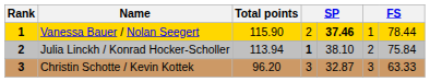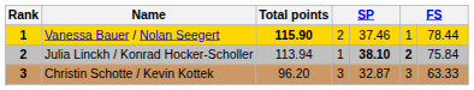 <table class="wikitable sortable">
 <tr>
 <th>Rank</th>
 <th>Name</th>
 <th>Total points</th>
 <th colspan="2" width="80px"><a href='#'>SP</a></th>
 <th colspan="2" width="80px"><a href='#'>FS</a></th>
 </tr>
 <tr bgcolor="gold">
 <td align="center"><strong>1</strong></td>
 <td><a href='#'>Vanessa Bauer</a> / <a href='#'>Nolan Seegert</a></td>
-<td align=center>115.90</td>
+<td align=center><strong>115.90</strong></td>
 <td align=center>2</td>
-<td align=center><strong>37.46</strong></td>
+<td align=center>37.46</td>
 <td align=center>1</td>
 <td align=center>78.44</td>
 </tr>
 <tr bgcolor="silver">
 <td align="center"><strong>2</strong></td>
 <td>Julia Linckh / Konrad Hocker-Scholler</td>
 <td align=center>113.94</td>
-<td align=center><strong>1</strong></td>
-<td align=center>38.10</td>
-<td align=center>2</td>
+<td align=center>1</td>
+<td align=center><strong>38.10</strong></td>
+<td align=center><strong>2</strong></td>
 <td align=center>75.84</td>
 </tr>
 <tr bgcolor="cc9966">
 <td align="center"><strong>3</strong></td>
 <td>Christin Schotte / Kevin Kottek</td>
 <td align=center>96.20</td>
 <td align=center>3</td>
 <td align=center>32.87</td>
 <td align=center>3</td>
 <td align=center>63.33</td>
 </tr>
 </table>
